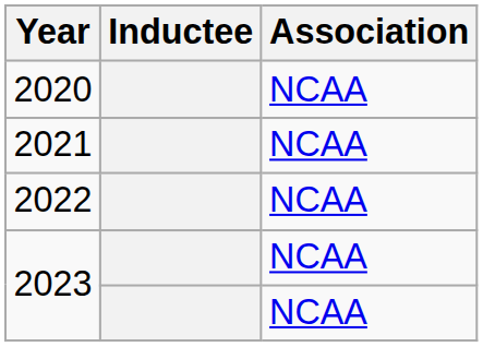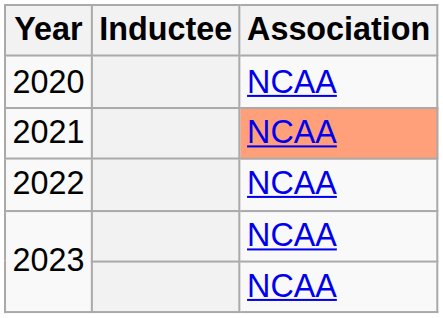 <table class="wikitable sortable plainrowheaders" style="text-align:left">
 <tr>
 <th scope="col">Year</th>
 <th scope="col">Inductee</th>
 <th scope="col">Association</th>
 </tr>
 <tr>
 <td>2020</td>
 <th scope="row"></th>
 <td><a href='#'>NCAA</a></td>
 </tr>
 <tr>
 <td>2021</td>
 <th scope="row"></th>
-<td><a href='#'>NCAA</a></td>
+<td style="background: lightsalmon;"><a href='#'>NCAA</a></td>
 </tr>
 <tr>
 <td>2022</td>
 <th scope="row"></th>
 <td><a href='#'>NCAA</a></td>
 </tr>
 <tr>
 <td rowspan="2">2023</td>
 <th scope="row"></th>
 <td><a href='#'>NCAA</a></td>
 </tr>
 <tr>
 <th scope="row"></th>
 <td><a href='#'>NCAA</a></td>
 </tr>
 </table>
